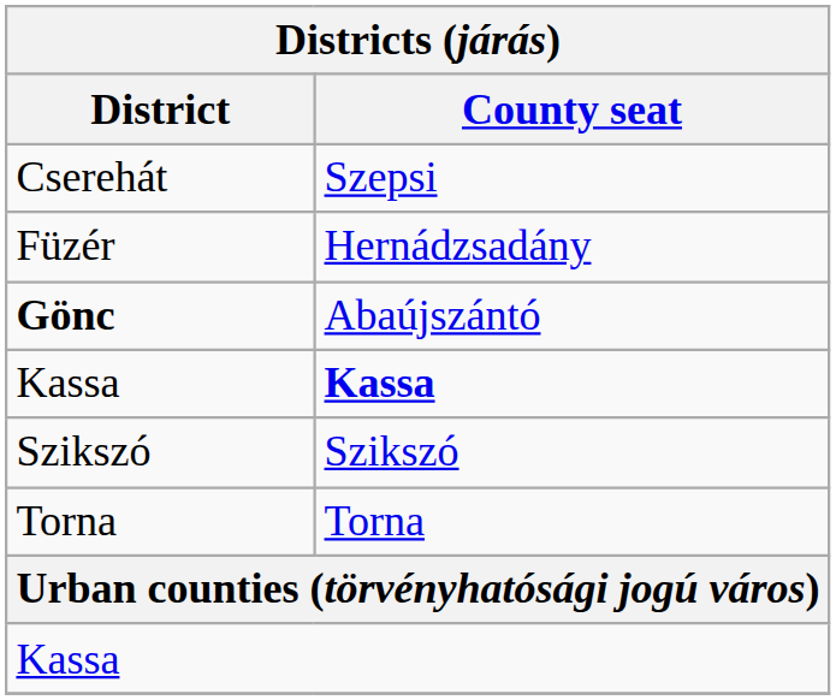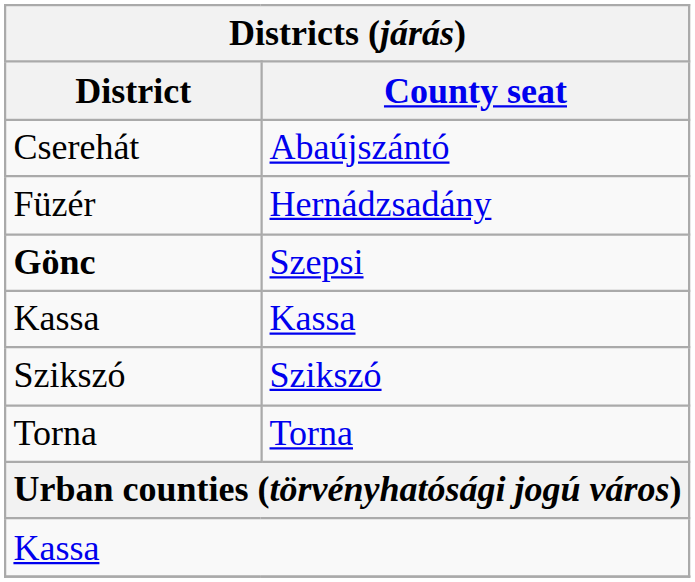 <table class="wikitable">
 <tr>
 <th colspan=2>Districts (<em>járás</em>)</th>
 </tr>
 <tr>
 <th>District</th>
 <th><a href='#'>County seat</a></th>
 </tr>
 <tr>
 <td> Cserehát</td>
-<td><a href='#'>Szepsi</a></td>
+<td><a href='#'>Abaújszántó</a></td>
 </tr>
 <tr>
 <td> Füzér</td>
 <td><a href='#'>Hernádzsadány</a></td>
 </tr>
 <tr>
 <td><strong> Gönc</strong></td>
-<td><a href='#'>Abaújszántó</a></td>
+<td><a href='#'>Szepsi</a></td>
 </tr>
 <tr>
 <td> Kassa</td>
-<td><strong><a href='#'>Kassa</a></strong></td>
+<td><a href='#'>Kassa</a></td>
 </tr>
 <tr>
 <td> Szikszó</td>
 <td><a href='#'>Szikszó</a></td>
 </tr>
 <tr>
 <td> Torna</td>
 <td><a href='#'>Torna</a></td>
 </tr>
 <tr>
 <th colspan=2>Urban counties (<em>törvényhatósági jogú város</em>)</th>
 </tr>
 <tr>
 <td colspan=2><a href='#'>Kassa</a></td>
 </tr>
 <tr>
 </tr>
 </table>
